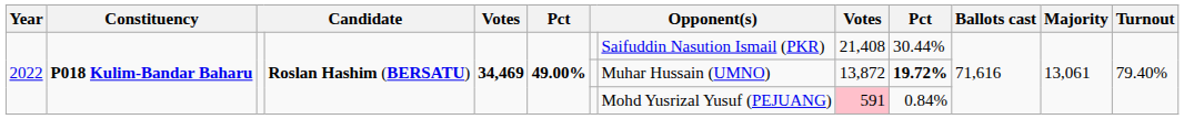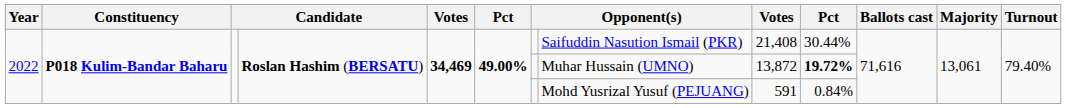 <table class="wikitable" style="margin:0.5em ; font-size:95%">
 <tr>
 <th>Year</th>
 <th>Constituency</th>
 <th colspan=2>Candidate</th>
 <th>Votes</th>
 <th>Pct</th>
 <th colspan=2>Opponent(s)</th>
 <th>Votes</th>
 <th>Pct</th>
 <th>Ballots cast</th>
 <th>Majority</th>
 <th>Turnout</th>
 </tr>
 <tr>
 <td rowspan=3><a href='#'>2022</a></td>
 <td rowspan=3><strong>P018 <a href='#'>Kulim-Bandar Baharu</a></strong></td>
 <td rowspan=3 bgcolor=></td>
 <td rowspan=3><strong>Roslan Hashim</strong> (<a href='#'><strong>BERSATU</strong></a>)</td>
 <td rowspan=3 align=right><strong>34,469</strong></td>
 <td rowspan=3><strong>49.00%</strong></td>
 <td></td>
 <td><a href='#'>Saifuddin Nasution Ismail</a> (<a href='#'>PKR</a>)</td>
 <td align=right>21,408</td>
 <td>30.44%</td>
 <td rowspan=3>71,616</td>
 <td rowspan=3>13,061</td>
 <td rowspan=3>79.40%</td>
 </tr>
 <tr>
 <td></td>
 <td>Muhar Hussain (<a href='#'>UMNO</a>)</td>
 <td align=right>13,872</td>
 <td><strong>19.72%</strong></td>
 </tr>
 <tr>
 <td bgcolor=></td>
 <td>Mohd Yusrizal Yusuf (<a href='#'>PEJUANG</a>)</td>
-<td align=right style="background: pink;">591</td>
+<td align=right>591</td>
 <td align=right>0.84%</td>
 </tr>
 </table>
